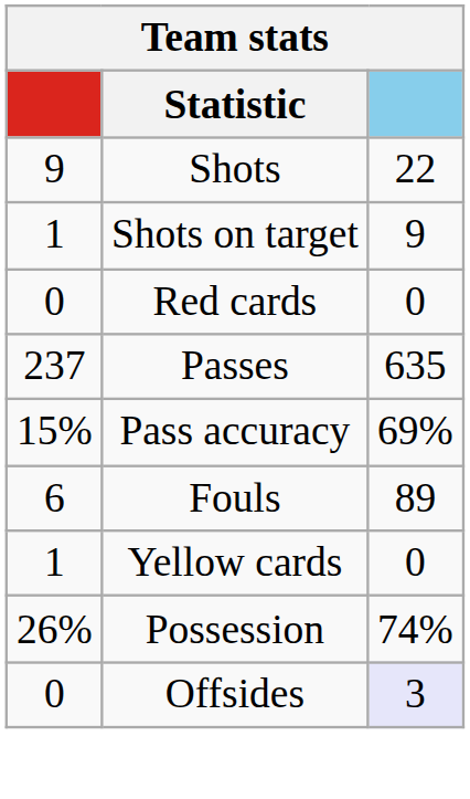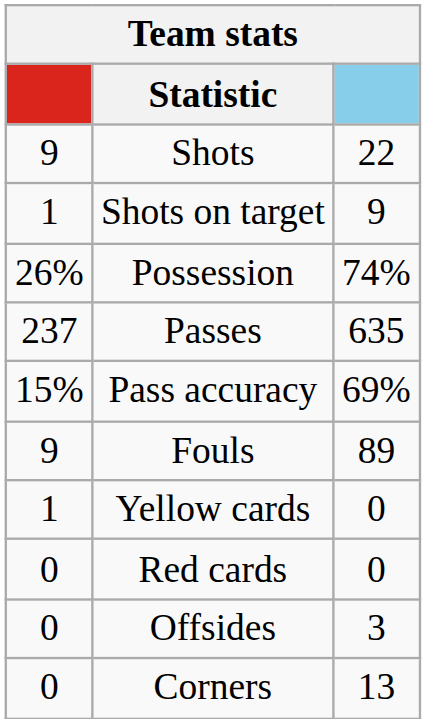 <table class="wikitable" style="margin-left: auto; margin-right: auto; border: none; text-align:center;">
 <tr>
 <th colspan=3>Team stats</th>
 </tr>
 <tr>
 <th style="background: #da251d; color: #FFFFFF;"> <a href='#'></a></th>
 <th>Statistic</th>
 <th style="background: #87CEEB; color: #FFFFFF;"> <a href='#'></a></th>
 </tr>
 <tr>
 <td>9</td>
 <td>Shots</td>
 <td>22</td>
 </tr>
 <tr>
 <td>1</td>
 <td>Shots on target</td>
 <td>9</td>
 </tr>
 <tr>
-<td>0</td>
-<td>Red cards</td>
-<td>0</td>
+<td>26%</td>
+<td>Possession</td>
+<td>74%</td>
 </tr>
 <tr>
 <td>237</td>
 <td>Passes</td>
 <td>635</td>
 </tr>
 <tr>
 <td>15%</td>
 <td>Pass accuracy</td>
 <td>69%</td>
 </tr>
 <tr>
-<td>6</td>
+<td>9</td>
 <td>Fouls</td>
 <td>89</td>
 </tr>
 <tr>
 <td>1</td>
 <td>Yellow cards</td>
 <td>0</td>
 </tr>
 <tr>
-<td>26%</td>
-<td>Possession</td>
-<td>74%</td>
+<td>0</td>
+<td>Red cards</td>
+<td>0</td>
 </tr>
 <tr>
 <td>0</td>
 <td>Offsides</td>
-<td style="background: lavender;">3</td>
+<td>3</td>
+</tr>
+<tr>
+<td>0</td>
+<td>Corners</td>
+<td>13</td>
 </tr>
 </table>
